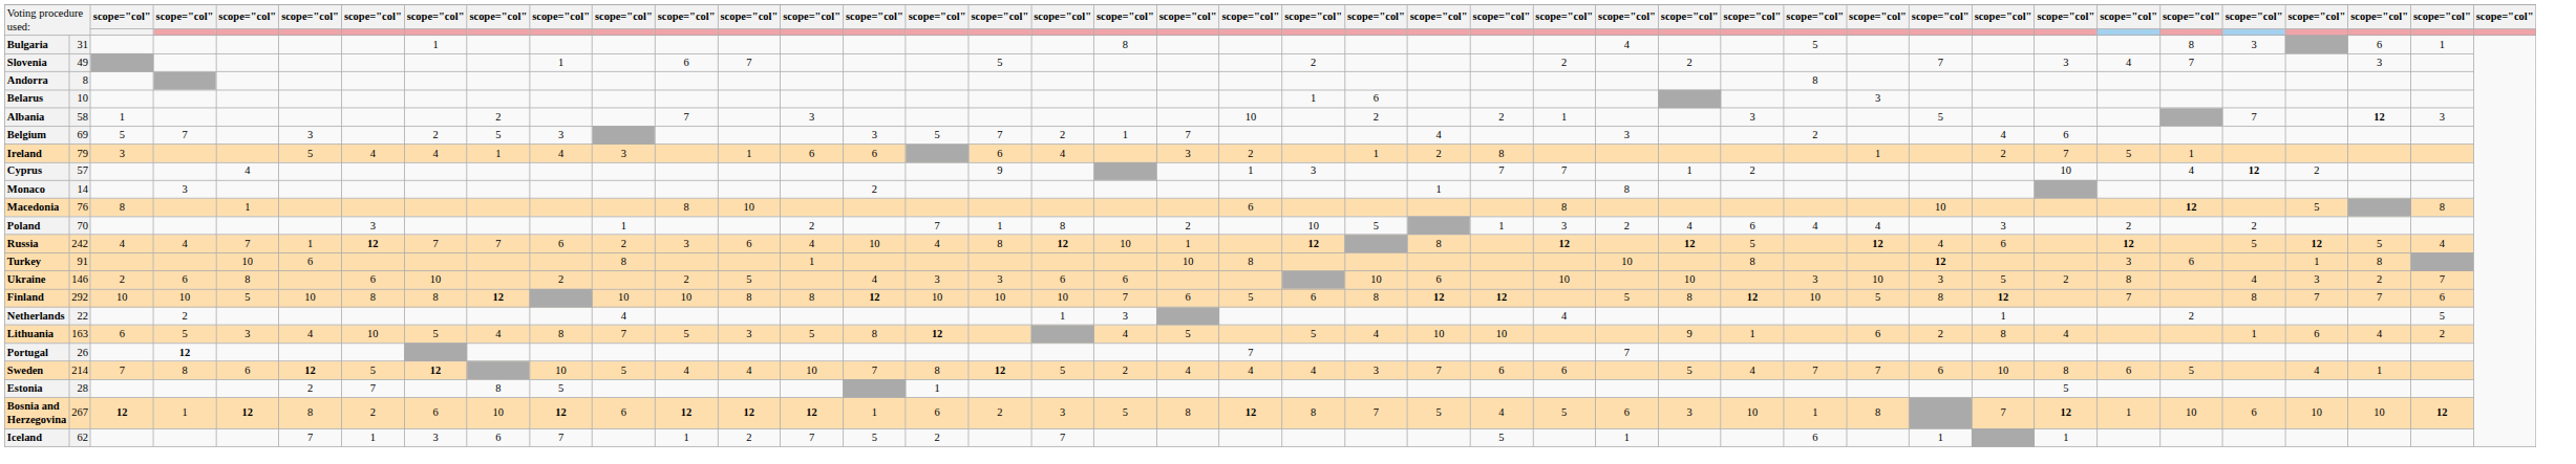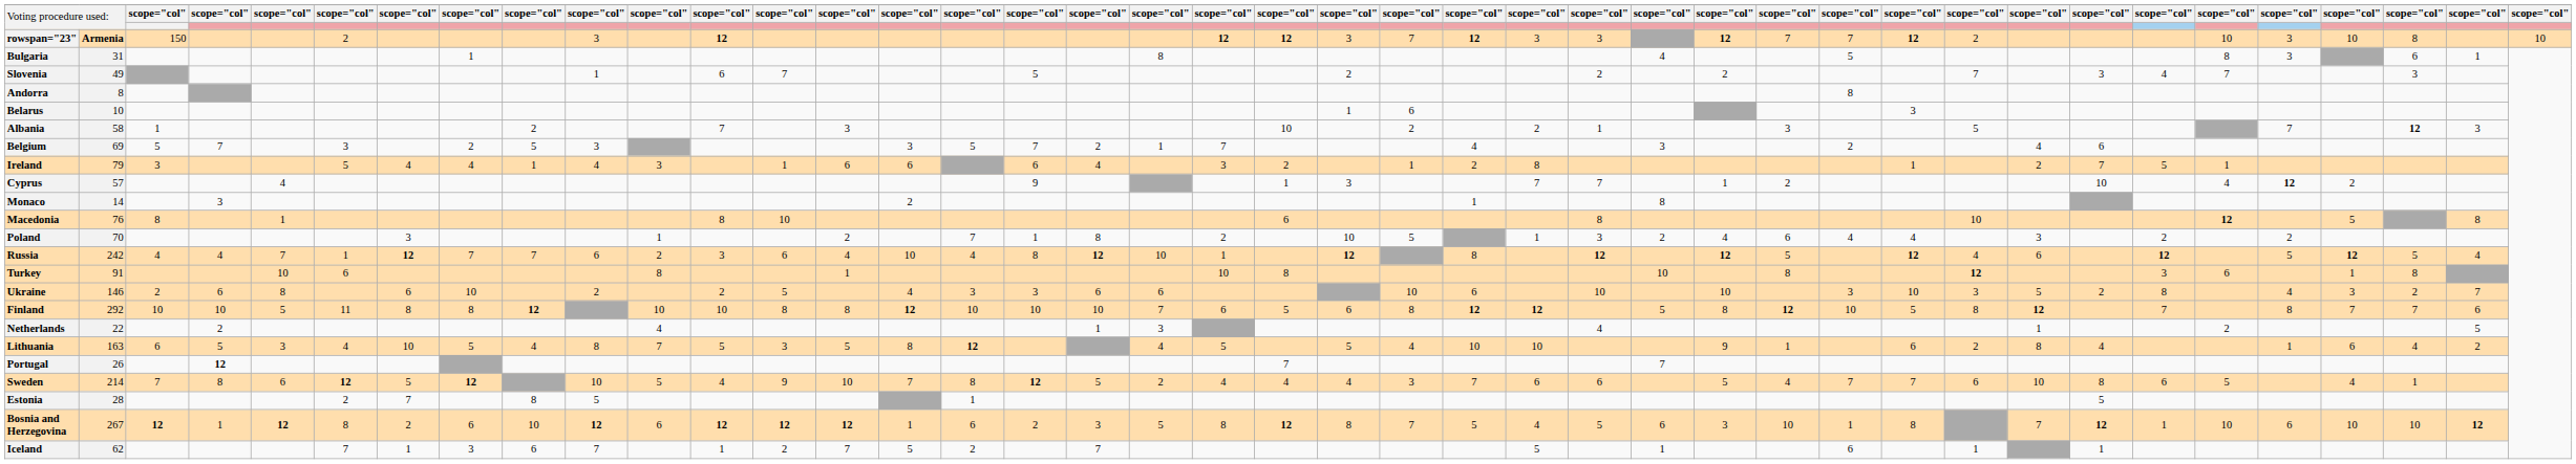 <table class="wikitable plainrowheaders" style="text-align:center; font-size:85%;">
 <tr>
 </tr>
 <tr>
 <td colspan="2" rowspan="2" style="text-align:left; background:#F2F2F2">Voting procedure used:<br></td>
 <th>scope="col" </th>
 <th>scope="col" </th>
 <th>scope="col" </th>
 <th>scope="col" </th>
 <th>scope="col" </th>
 <th>scope="col" </th>
 <th>scope="col" </th>
 <th>scope="col" </th>
 <th>scope="col" </th>
 <th>scope="col" </th>
 <th>scope="col" </th>
 <th>scope="col" </th>
 <th>scope="col" </th>
 <th>scope="col" </th>
 <th>scope="col" </th>
 <th>scope="col" </th>
 <th>scope="col" </th>
 <th>scope="col" </th>
 <th>scope="col" </th>
 <th>scope="col" </th>
 <th>scope="col" </th>
 <th>scope="col" </th>
 <th>scope="col" </th>
 <th>scope="col" </th>
 <th>scope="col" </th>
 <th>scope="col" </th>
 <th>scope="col" </th>
 <th>scope="col" </th>
 <th>scope="col" </th>
 <th>scope="col" </th>
 <th>scope="col" </th>
 <th>scope="col" </th>
 <th>scope="col" </th>
 <th>scope="col" </th>
 <th>scope="col" </th>
 <th>scope="col" </th>
 <th>scope="col" </th>
 <th>scope="col" </th>
 <th>scope="col" </th>
 </tr>
 <tr>
 <th style="height:2px; border-top:1px solid transparent;"></th>
 <td style="background:#EFA4A9;"></td>
 <td style="background:#EFA4A9;"></td>
 <td style="background:#EFA4A9;"></td>
 <td style="background:#EFA4A9;"></td>
 <td style="background:#EFA4A9;"></td>
 <td style="background:#EFA4A9;"></td>
 <td style="background:#EFA4A9;"></td>
 <td style="background:#EFA4A9;"></td>
 <td style="background:#EFA4A9;"></td>
 <td style="background:#EFA4A9;"></td>
 <td style="background:#EFA4A9;"></td>
 <td style="background:#EFA4A9;"></td>
 <td style="background:#EFA4A9;"></td>
 <td style="background:#EFA4A9;"></td>
 <td style="background:#EFA4A9;"></td>
 <td style="background:#EFA4A9;"></td>
 <td style="background:#EFA4A9;"></td>
 <td style="background:#EFA4A9;"></td>
 <td style="background:#EFA4A9;"></td>
 <td style="background:#EFA4A9;"></td>
 <td style="background:#EFA4A9;"></td>
 <td style="background:#EFA4A9;"></td>
 <td style="background:#EFA4A9;"></td>
 <td style="background:#EFA4A9;"></td>
 <td style="background:#EFA4A9;"></td>
 <td style="background:#EFA4A9;"></td>
 <td style="background:#EFA4A9;"></td>
 <td style="background:#EFA4A9;"></td>
 <td style="background:#EFA4A9;"></td>
 <td style="background:#EFA4A9;"></td>
 <td style="background:#EFA4A9;"></td>
 <td style="background:#A4D1EF;"></td>
 <td style="background:#EFA4A9;"></td>
 <td style="background:#A4D1EF;"></td>
 <td style="background:#EFA4A9;"></td>
 <td style="background:#EFA4A9;"></td>
 <td style="background:#EFA4A9;"></td>
 <td style="background:#EFA4A9;"></td>
+</tr>
+<tr style="background:#ffdead;">
+<th>rowspan="23" </th>
+<th scope="row" style="text-align:left; font-weight:bold; background:#ffdead;">Armenia</th>
+<td style="text-align:right;">150</td>
+<td></td>
+<td></td>
+<td>2</td>
+<td></td>
+<td></td>
+<td></td>
+<td>3</td>
+<td></td>
+<td><strong>12</strong></td>
+<td></td>
+<td></td>
+<td></td>
+<td></td>
+<td></td>
+<td></td>
+<td></td>
+<td><strong>12</strong></td>
+<td><strong>12</strong></td>
+<td>3</td>
+<td>7</td>
+<td><strong>12</strong></td>
+<td>3</td>
+<td>3</td>
+<td style="text-align:left; background:#aaa;"></td>
+<td><strong>12</strong></td>
+<td>7</td>
+<td>7</td>
+<td><strong>12</strong></td>
+<td>2</td>
+<td></td>
+<td></td>
+<td></td>
+<td>10</td>
+<td>3</td>
+<td>10</td>
+<td>8</td>
+<td></td>
+<td>10</td>
 </tr>
 <tr>
 <th scope="row" style="text-align:left; background:#f2f2f2;">Bulgaria</th>
 <td style="text-align:right; background:#f2f2f2;">31</td>
 <td></td>
 <td></td>
 <td></td>
 <td></td>
 <td></td>
 <td>1</td>
 <td></td>
 <td></td>
 <td></td>
 <td></td>
 <td></td>
 <td></td>
 <td></td>
 <td></td>
 <td></td>
 <td></td>
 <td>8</td>
 <td></td>
 <td></td>
 <td></td>
 <td></td>
 <td></td>
 <td></td>
 <td></td>
 <td>4</td>
 <td></td>
 <td></td>
 <td>5</td>
 <td></td>
 <td></td>
 <td></td>
 <td></td>
 <td></td>
 <td>8</td>
 <td>3</td>
 <td style="text-align:left; background:#aaa;"></td>
 <td>6</td>
 <td>1</td>
 </tr>
 <tr>
 <th scope="row" style="text-align:left; background:#f2f2f2;">Slovenia</th>
 <td style="text-align:right; background:#f2f2f2;">49</td>
 <td style="text-align:left; background:#aaa;"></td>
 <td></td>
 <td></td>
 <td></td>
 <td></td>
 <td></td>
 <td></td>
 <td>1</td>
 <td></td>
 <td>6</td>
 <td>7</td>
 <td></td>
 <td></td>
 <td></td>
 <td>5</td>
 <td></td>
 <td></td>
 <td></td>
 <td></td>
 <td>2</td>
 <td></td>
 <td></td>
 <td></td>
 <td>2</td>
 <td></td>
 <td>2</td>
 <td></td>
 <td></td>
 <td></td>
 <td>7</td>
 <td></td>
 <td>3</td>
 <td>4</td>
 <td>7</td>
 <td></td>
 <td></td>
 <td>3</td>
 <td></td>
 </tr>
 <tr>
 <th scope="row" style="text-align:left; background:#f2f2f2;">Andorra</th>
 <td style="text-align:right; background:#f2f2f2;">8</td>
 <td></td>
 <td style="text-align:left; background:#aaa;"></td>
 <td></td>
 <td></td>
 <td></td>
 <td></td>
 <td></td>
 <td></td>
 <td></td>
 <td></td>
 <td></td>
 <td></td>
 <td></td>
 <td></td>
 <td></td>
 <td></td>
 <td></td>
 <td></td>
 <td></td>
 <td></td>
 <td></td>
 <td></td>
 <td></td>
 <td></td>
 <td></td>
 <td></td>
 <td></td>
 <td>8</td>
 <td></td>
 <td></td>
 <td></td>
 <td></td>
 <td></td>
 <td></td>
 <td></td>
 <td></td>
 <td></td>
 <td></td>
 </tr>
 <tr>
 <th scope="row" style="text-align:left; background:#f2f2f2;">Belarus</th>
 <td style="text-align:right; background:#f2f2f2;">10</td>
 <td></td>
 <td></td>
 <td></td>
 <td></td>
 <td></td>
 <td></td>
 <td></td>
 <td></td>
 <td></td>
 <td></td>
 <td></td>
 <td></td>
 <td></td>
 <td></td>
 <td></td>
 <td></td>
 <td></td>
 <td></td>
 <td></td>
 <td>1</td>
 <td>6</td>
 <td></td>
 <td></td>
 <td></td>
 <td></td>
 <td style="text-align:left; background:#aaa;"></td>
 <td></td>
 <td></td>
 <td>3</td>
 <td></td>
 <td></td>
 <td></td>
 <td></td>
 <td></td>
 <td></td>
 <td></td>
 <td></td>
 <td></td>
 </tr>
 <tr>
 <th scope="row" style="text-align:left; background:#f2f2f2;">Albania</th>
 <td style="text-align:right; background:#f2f2f2;">58</td>
 <td>1</td>
 <td></td>
 <td></td>
 <td></td>
 <td></td>
 <td></td>
 <td>2</td>
 <td></td>
 <td></td>
 <td>7</td>
 <td></td>
 <td>3</td>
 <td></td>
 <td></td>
 <td></td>
 <td></td>
 <td></td>
 <td></td>
 <td>10</td>
 <td></td>
 <td>2</td>
 <td></td>
 <td>2</td>
 <td>1</td>
 <td></td>
 <td></td>
 <td>3</td>
 <td></td>
 <td></td>
 <td>5</td>
 <td></td>
 <td></td>
 <td></td>
 <td style="text-align:left; background:#aaa;"></td>
 <td>7</td>
 <td></td>
 <td><strong>12</strong></td>
 <td>3</td>
 </tr>
 <tr>
 <th scope="row" style="text-align:left; background:#f2f2f2;">Belgium</th>
 <td style="text-align:right; background:#f2f2f2;">69</td>
 <td>5</td>
 <td>7</td>
 <td></td>
 <td>3</td>
 <td></td>
 <td>2</td>
 <td>5</td>
 <td>3</td>
 <td style="text-align:left; background:#aaa;"></td>
 <td></td>
 <td></td>
 <td></td>
 <td>3</td>
 <td>5</td>
 <td>7</td>
 <td>2</td>
 <td>1</td>
 <td>7</td>
 <td></td>
 <td></td>
 <td></td>
 <td>4</td>
 <td></td>
 <td></td>
 <td>3</td>
 <td></td>
 <td></td>
 <td>2</td>
 <td></td>
 <td></td>
 <td>4</td>
 <td>6</td>
 <td></td>
 <td></td>
 <td></td>
 <td></td>
 <td></td>
 <td></td>
 </tr>
 <tr style="background:#ffdead;">
 <th scope="row" style="text-align:left; font-weight:bold; background:#ffdead;">Ireland</th>
 <td style="text-align:right;">79</td>
 <td>3</td>
 <td></td>
 <td></td>
 <td>5</td>
 <td>4</td>
 <td>4</td>
 <td>1</td>
 <td>4</td>
 <td>3</td>
 <td></td>
 <td>1</td>
 <td>6</td>
 <td>6</td>
 <td style="text-align:left; background:#aaa;"></td>
 <td>6</td>
 <td>4</td>
 <td></td>
 <td>3</td>
 <td>2</td>
 <td></td>
 <td>1</td>
 <td>2</td>
 <td>8</td>
 <td></td>
 <td></td>
 <td></td>
 <td></td>
 <td></td>
 <td>1</td>
 <td></td>
 <td>2</td>
 <td>7</td>
 <td>5</td>
 <td>1</td>
 <td></td>
 <td></td>
 <td></td>
 <td></td>
 </tr>
 <tr>
 <th scope="row" style="text-align:left; background:#f2f2f2;">Cyprus</th>
 <td style="text-align:right; background:#f2f2f2;">57</td>
 <td></td>
 <td></td>
 <td>4</td>
 <td></td>
 <td></td>
 <td></td>
 <td></td>
 <td></td>
 <td></td>
 <td></td>
 <td></td>
 <td></td>
 <td></td>
 <td></td>
 <td>9</td>
 <td></td>
 <td style="text-align:left; background:#aaa;"></td>
 <td></td>
 <td>1</td>
 <td>3</td>
 <td></td>
 <td></td>
 <td>7</td>
 <td>7</td>
 <td></td>
 <td>1</td>
 <td>2</td>
 <td></td>
 <td></td>
 <td></td>
 <td></td>
 <td>10</td>
 <td></td>
 <td>4</td>
 <td><strong>12</strong></td>
 <td>2</td>
 <td></td>
 <td></td>
 </tr>
 <tr>
 <th scope="row" style="text-align:left; background:#f2f2f2;">Monaco</th>
 <td style="text-align:right; background:#f2f2f2;">14</td>
 <td></td>
 <td>3</td>
 <td></td>
 <td></td>
 <td></td>
 <td></td>
 <td></td>
 <td></td>
 <td></td>
 <td></td>
 <td></td>
 <td></td>
 <td>2</td>
 <td></td>
 <td></td>
 <td></td>
 <td></td>
 <td></td>
 <td></td>
 <td></td>
 <td></td>
 <td>1</td>
 <td></td>
 <td></td>
 <td>8</td>
 <td></td>
 <td></td>
 <td></td>
 <td></td>
 <td></td>
 <td></td>
 <td style="text-align:left; background:#aaa;"></td>
 <td></td>
 <td></td>
 <td></td>
 <td></td>
 <td></td>
 <td></td>
 </tr>
 <tr style="background:#ffdead;">
 <th scope="row" style="text-align:left; font-weight:bold; background:#ffdead;">Macedonia</th>
 <td style="text-align:right;">76</td>
 <td>8</td>
 <td></td>
 <td>1</td>
 <td></td>
 <td></td>
 <td></td>
 <td></td>
 <td></td>
 <td></td>
 <td>8</td>
 <td>10</td>
 <td></td>
 <td></td>
 <td></td>
 <td></td>
 <td></td>
 <td></td>
 <td></td>
 <td>6</td>
 <td></td>
 <td></td>
 <td></td>
 <td></td>
 <td>8</td>
 <td></td>
 <td></td>
 <td></td>
 <td></td>
 <td></td>
 <td>10</td>
 <td></td>
 <td></td>
 <td></td>
 <td><strong>12</strong></td>
 <td></td>
 <td>5</td>
 <td style="text-align:left; background:#aaa;"></td>
 <td>8</td>
 </tr>
 <tr>
 <th scope="row" style="text-align:left; background:#f2f2f2;">Poland</th>
 <td style="text-align:right; background:#f2f2f2;">70</td>
 <td></td>
 <td></td>
 <td></td>
 <td></td>
 <td>3</td>
 <td></td>
 <td></td>
 <td></td>
 <td>1</td>
 <td></td>
 <td></td>
 <td>2</td>
 <td></td>
 <td>7</td>
 <td>1</td>
 <td>8</td>
 <td></td>
 <td>2</td>
 <td></td>
 <td>10</td>
 <td>5</td>
 <td style="text-align:left; background:#aaa;"></td>
 <td>1</td>
 <td>3</td>
 <td>2</td>
 <td>4</td>
 <td>6</td>
 <td>4</td>
 <td>4</td>
 <td></td>
 <td>3</td>
 <td></td>
 <td>2</td>
 <td></td>
 <td>2</td>
 <td></td>
 <td></td>
 <td></td>
 </tr>
 <tr style="background:#ffdead;">
 <th scope="row" style="text-align:left; font-weight:bold; background:#ffdead;">Russia</th>
 <td style="text-align:right;">242</td>
 <td>4</td>
 <td>4</td>
 <td>7</td>
 <td>1</td>
 <td><strong>12</strong></td>
 <td>7</td>
 <td>7</td>
 <td>6</td>
 <td>2</td>
 <td>3</td>
 <td>6</td>
 <td>4</td>
 <td>10</td>
 <td>4</td>
 <td>8</td>
 <td><strong>12</strong></td>
 <td>10</td>
 <td>1</td>
 <td></td>
 <td><strong>12</strong></td>
 <td style="text-align:left; background:#aaa;"></td>
 <td>8</td>
 <td></td>
 <td><strong>12</strong></td>
 <td></td>
 <td><strong>12</strong></td>
 <td>5</td>
 <td></td>
 <td><strong>12</strong></td>
 <td>4</td>
 <td>6</td>
 <td></td>
 <td><strong>12</strong></td>
 <td></td>
 <td>5</td>
 <td><strong>12</strong></td>
 <td>5</td>
 <td>4</td>
 </tr>
 <tr style="background:#ffdead;">
 <th scope="row" style="text-align:left; font-weight:bold; background:#ffdead;">Turkey</th>
 <td style="text-align:right;">91</td>
 <td></td>
 <td></td>
 <td>10</td>
 <td>6</td>
 <td></td>
 <td></td>
 <td></td>
 <td></td>
 <td>8</td>
 <td></td>
 <td></td>
 <td>1</td>
 <td></td>
 <td></td>
 <td></td>
 <td></td>
 <td></td>
 <td>10</td>
 <td>8</td>
 <td></td>
 <td></td>
 <td></td>
 <td></td>
 <td></td>
 <td>10</td>
 <td></td>
 <td>8</td>
 <td></td>
 <td></td>
 <td><strong>12</strong></td>
 <td></td>
 <td></td>
 <td>3</td>
 <td>6</td>
 <td></td>
 <td>1</td>
 <td>8</td>
 <td style="text-align:left; background:#aaa;"></td>
 </tr>
 <tr style="background:#ffdead;">
 <th scope="row" style="text-align:left; font-weight:bold; background:#ffdead;">Ukraine</th>
 <td style="text-align:right;">146</td>
 <td>2</td>
 <td>6</td>
 <td>8</td>
 <td></td>
 <td>6</td>
 <td>10</td>
 <td></td>
 <td>2</td>
 <td></td>
 <td>2</td>
 <td>5</td>
 <td></td>
 <td>4</td>
 <td>3</td>
 <td>3</td>
 <td>6</td>
 <td>6</td>
 <td></td>
 <td></td>
 <td style="text-align:left; background:#aaa;"></td>
 <td>10</td>
 <td>6</td>
 <td></td>
 <td>10</td>
 <td></td>
 <td>10</td>
 <td></td>
 <td>3</td>
 <td>10</td>
 <td>3</td>
 <td>5</td>
 <td>2</td>
 <td>8</td>
 <td></td>
 <td>4</td>
 <td>3</td>
 <td>2</td>
 <td>7</td>
 </tr>
 <tr style="background:#ffdead;">
 <th scope="row" style="text-align:left; font-weight:bold; background:#ffdead;">Finland</th>
 <td style="text-align:right;">292</td>
 <td>10</td>
 <td>10</td>
 <td>5</td>
-<td>10</td>
+<td>11</td>
 <td>8</td>
 <td>8</td>
 <td><strong>12</strong></td>
 <td style="text-align:left; background:#aaa;"></td>
 <td>10</td>
 <td>10</td>
 <td>8</td>
 <td>8</td>
 <td><strong>12</strong></td>
 <td>10</td>
 <td>10</td>
 <td>10</td>
 <td>7</td>
 <td>6</td>
 <td>5</td>
 <td>6</td>
 <td>8</td>
 <td><strong>12</strong></td>
 <td><strong>12</strong></td>
 <td></td>
 <td>5</td>
 <td>8</td>
 <td><strong>12</strong></td>
 <td>10</td>
 <td>5</td>
 <td>8</td>
 <td><strong>12</strong></td>
 <td></td>
 <td>7</td>
 <td></td>
 <td>8</td>
 <td>7</td>
 <td>7</td>
 <td>6</td>
 </tr>
 <tr>
 <th scope="row" style="text-align:left; background:#f2f2f2;">Netherlands</th>
 <td style="text-align:right; background:#f2f2f2;">22</td>
 <td></td>
 <td>2</td>
 <td></td>
 <td></td>
 <td></td>
 <td></td>
 <td></td>
 <td></td>
 <td>4</td>
 <td></td>
 <td></td>
 <td></td>
 <td></td>
 <td></td>
 <td></td>
 <td>1</td>
 <td>3</td>
 <td style="text-align:left; background:#aaa;"></td>
 <td></td>
 <td></td>
 <td></td>
 <td></td>
 <td></td>
 <td>4</td>
 <td></td>
 <td></td>
 <td></td>
 <td></td>
 <td></td>
 <td></td>
 <td>1</td>
 <td></td>
 <td></td>
 <td>2</td>
 <td></td>
 <td></td>
 <td></td>
 <td>5</td>
 </tr>
 <tr style="background:#ffdead;">
 <th scope="row" style="text-align:left; font-weight:bold; background:#ffdead;">Lithuania</th>
 <td style="text-align:right;">163</td>
 <td>6</td>
 <td>5</td>
 <td>3</td>
 <td>4</td>
 <td>10</td>
 <td>5</td>
 <td>4</td>
 <td>8</td>
 <td>7</td>
 <td>5</td>
 <td>3</td>
 <td>5</td>
 <td>8</td>
 <td><strong>12</strong></td>
 <td></td>
 <td style="text-align:left; background:#aaa;"></td>
 <td>4</td>
 <td>5</td>
 <td></td>
 <td>5</td>
 <td>4</td>
 <td>10</td>
 <td>10</td>
 <td></td>
 <td></td>
 <td>9</td>
 <td>1</td>
 <td></td>
 <td>6</td>
 <td>2</td>
 <td>8</td>
 <td>4</td>
 <td></td>
 <td></td>
 <td>1</td>
 <td>6</td>
 <td>4</td>
 <td>2</td>
 </tr>
 <tr>
 <th scope="row" style="text-align:left; background:#f2f2f2;">Portugal</th>
 <td style="text-align:right; background:#f2f2f2;">26</td>
 <td></td>
 <td><strong>12</strong></td>
 <td></td>
 <td></td>
 <td></td>
 <td style="text-align:left; background:#aaa;"></td>
 <td></td>
 <td></td>
 <td></td>
 <td></td>
 <td></td>
 <td></td>
 <td></td>
 <td></td>
 <td></td>
 <td></td>
 <td></td>
 <td></td>
 <td>7</td>
 <td></td>
 <td></td>
 <td></td>
 <td></td>
 <td></td>
 <td>7</td>
 <td></td>
 <td></td>
 <td></td>
 <td></td>
 <td></td>
 <td></td>
 <td></td>
 <td></td>
 <td></td>
 <td></td>
 <td></td>
 <td></td>
 <td></td>
 </tr>
 <tr style="background:#ffdead;">
 <th scope="row" style="text-align:left; font-weight:bold; background:#ffdead;">Sweden</th>
 <td style="text-align:right;">214</td>
 <td>7</td>
 <td>8</td>
 <td>6</td>
 <td><strong>12</strong></td>
 <td>5</td>
 <td><strong>12</strong></td>
 <td style="text-align:left; background:#aaa;"></td>
 <td>10</td>
 <td>5</td>
 <td>4</td>
-<td>4</td>
+<td>9</td>
 <td>10</td>
 <td>7</td>
 <td>8</td>
 <td><strong>12</strong></td>
 <td>5</td>
 <td>2</td>
 <td>4</td>
 <td>4</td>
 <td>4</td>
 <td>3</td>
 <td>7</td>
 <td>6</td>
 <td>6</td>
 <td></td>
 <td>5</td>
 <td>4</td>
 <td>7</td>
 <td>7</td>
 <td>6</td>
 <td>10</td>
 <td>8</td>
 <td>6</td>
 <td>5</td>
 <td></td>
 <td>4</td>
 <td>1</td>
 <td></td>
 </tr>
 <tr>
 <th scope="row" style="text-align:left; background:#f2f2f2;">Estonia</th>
 <td style="text-align:right; background:#f2f2f2;">28</td>
 <td></td>
 <td></td>
 <td></td>
 <td>2</td>
 <td>7</td>
 <td></td>
 <td>8</td>
 <td>5</td>
 <td></td>
 <td></td>
 <td></td>
 <td></td>
 <td style="text-align:left; background:#aaa;"></td>
 <td>1</td>
 <td></td>
 <td></td>
 <td></td>
 <td></td>
 <td></td>
 <td></td>
 <td></td>
 <td></td>
 <td></td>
 <td></td>
 <td></td>
 <td></td>
 <td></td>
 <td></td>
 <td></td>
 <td></td>
 <td></td>
 <td>5</td>
 <td></td>
 <td></td>
 <td></td>
 <td></td>
 <td></td>
 <td></td>
 </tr>
 <tr style="background:#ffdead;">
 <th scope="row" style="text-align:left; font-weight:bold; background:#ffdead;">Bosnia and Herzegovina</th>
 <td style="text-align:right;">267</td>
 <td><strong>12</strong></td>
 <td>1</td>
 <td><strong>12</strong></td>
 <td>8</td>
 <td>2</td>
 <td>6</td>
 <td>10</td>
 <td><strong>12</strong></td>
 <td>6</td>
 <td><strong>12</strong></td>
 <td><strong>12</strong></td>
 <td><strong>12</strong></td>
 <td>1</td>
 <td>6</td>
 <td>2</td>
 <td>3</td>
 <td>5</td>
 <td>8</td>
 <td><strong>12</strong></td>
 <td>8</td>
 <td>7</td>
 <td>5</td>
 <td>4</td>
 <td>5</td>
 <td>6</td>
 <td>3</td>
 <td>10</td>
 <td>1</td>
 <td>8</td>
 <td style="text-align:left; background:#aaa;"></td>
 <td>7</td>
 <td><strong>12</strong></td>
 <td>1</td>
 <td>10</td>
 <td>6</td>
 <td>10</td>
 <td>10</td>
 <td><strong>12</strong></td>
 </tr>
 <tr>
 <th scope="row" style="text-align:left; background:#f2f2f2;">Iceland</th>
 <td style="text-align:right; background:#f2f2f2;">62</td>
 <td></td>
 <td></td>
 <td></td>
 <td>7</td>
 <td>1</td>
 <td>3</td>
 <td>6</td>
 <td>7</td>
 <td></td>
 <td>1</td>
 <td>2</td>
 <td>7</td>
 <td>5</td>
 <td>2</td>
 <td></td>
 <td>7</td>
 <td></td>
 <td></td>
 <td></td>
 <td></td>
 <td></td>
 <td></td>
 <td>5</td>
 <td></td>
 <td>1</td>
 <td></td>
 <td></td>
 <td>6</td>
 <td></td>
 <td>1</td>
 <td style="text-align:left; background:#aaa;"></td>
 <td>1</td>
 <td></td>
 <td></td>
 <td></td>
 <td></td>
 <td></td>
 <td></td>
 </tr>
 </table>
